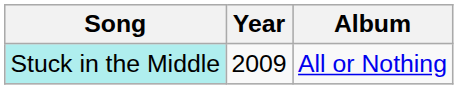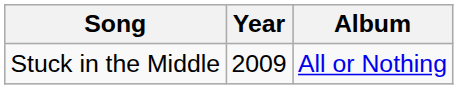 <table class="wikitable" style="text-align:center;">
 <tr>
 <th>Song</th>
 <th>Year</th>
 <th>Album</th>
 </tr>
 <tr>
-<td style="background: paleturquoise;">Stuck in the Middle</td>
+<td>Stuck in the Middle</td>
 <td>2009</td>
 <td><a href='#'>All or Nothing</a></td>
 </tr>
 </table>
